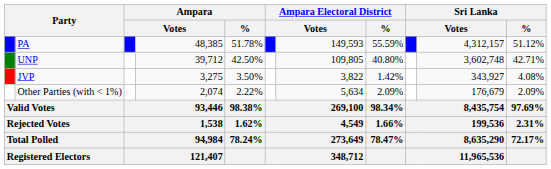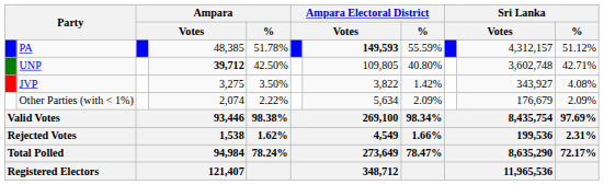 <table class="wikitable">
 <tr>
 <th colspan="2" width="144px"rowspan="2">Party</th>
 <th colspan="3" width="216px">Ampara</th>
 <th colspan="3" width="216px"><a href='#'>Ampara Electoral District</a></th>
 <th colspan="3" width="216px">Sri Lanka</th>
 </tr>
 <tr>
 <th colspan="2" width="144px">Votes</th>
 <th>%</th>
 <th colspan="2" width="144px">Votes</th>
 <th>%</th>
 <th colspan="2" width="144px">Votes</th>
 <th>%</th>
 </tr>
 <tr>
 <td style="background-color:blue;" width="10px"></td>
 <td style="text-align:left;"><a href='#'>PA</a></td>
 <td style="background-color:blue;" width="10px"></td>
 <td style="text-align:right;">48,385</td>
 <td style="text-align:right;">51.78%</td>
 <td style="background-color:blue;" width="10px"></td>
-<td style="text-align:right;">149,593</td>
+<td style="text-align:right;"><strong>149,593</strong></td>
 <td style="text-align:right;">55.59%</td>
 <td style="background-color:blue;" width="10px"></td>
 <td style="text-align:right;">4,312,157</td>
 <td style="text-align:right;">51.12%</td>
 </tr>
 <tr>
 <td style="background-color:green;" width="10px"></td>
 <td style="text-align:left;"><a href='#'>UNP</a></td>
 <td style="background-color:white;" width="10px"></td>
-<td style="text-align:right;">39,712</td>
+<td style="text-align:right;"><strong>39,712</strong></td>
 <td style="text-align:right;">42.50%</td>
 <td style="background-color:white;" width="10px"></td>
 <td style="text-align:right;">109,805</td>
 <td style="text-align:right;">40.80%</td>
 <td style="background-color:white;" width="10px"></td>
 <td style="text-align:right;">3,602,748</td>
 <td style="text-align:right;">42.71%</td>
 </tr>
 <tr>
 <td style="background-color:red;" width="10px"></td>
 <td style="text-align:left;"><a href='#'>JVP</a></td>
 <td style="background-color:white;" width="10px"></td>
 <td style="text-align:right;">3,275</td>
 <td style="text-align:right;">3.50%</td>
 <td style="background-color:white;" width="10px"></td>
 <td style="text-align:right;">3,822</td>
 <td style="text-align:right;">1.42%</td>
 <td style="background-color:white;" width="10px"></td>
 <td style="text-align:right;">343,927</td>
 <td style="text-align:right;">4.08%</td>
 </tr>
 <tr>
 <td style="background-color:white;" width="10px"></td>
 <td style="text-align:left;">Other Parties (with < 1%)</td>
 <td style="background-color:white;" width="10px"></td>
 <td style="text-align:right;">2,074</td>
 <td style="text-align:right;">2.22%</td>
 <td style="background-color:white;" width="10px"></td>
 <td style="text-align:right;">5,634</td>
 <td style="text-align:right;">2.09%</td>
 <td style="background-color:white;" width="10px"></td>
 <td style="text-align:right;">176,679</td>
 <td style="text-align:right;">2.09%</td>
 </tr>
 <tr>
 <th colspan="2" width="144px"style="text-align:left;">Valid Votes</th>
 <th style="text-align:right;"colspan="2" width="144px">93,446</th>
 <th style="text-align:right;">98.38%</th>
 <th style="text-align:right;"colspan="2" width="144px">269,100</th>
 <th style="text-align:right;">98.34%</th>
 <th style="text-align:right;"colspan="2" width="144px">8,435,754</th>
 <th style="text-align:right;">97.69%</th>
 </tr>
 <tr>
 <th colspan="2" width="144px"style="text-align:left;">Rejected Votes</th>
 <th style="text-align:right;"colspan="2" width="144px">1,538</th>
 <th style="text-align:right;">1.62%</th>
 <th style="text-align:right;"colspan="2" width="144px">4,549</th>
 <th style="text-align:right;">1.66%</th>
 <th style="text-align:right;"colspan="2" width="144px">199,536</th>
 <th style="text-align:right;">2.31%</th>
 </tr>
 <tr>
 <th colspan="2" width="144px"style="text-align:left;">Total Polled</th>
 <th style="text-align:right;"colspan="2" width="144px">94,984</th>
 <th style="text-align:right;">78.24%</th>
 <th style="text-align:right;"colspan="2" width="144px">273,649</th>
 <th style="text-align:right;">78.47%</th>
 <th style="text-align:right;"colspan="2" width="144px">8,635,290</th>
 <th style="text-align:right;">72.17%</th>
 </tr>
 <tr>
 <th colspan="2" width="144px"style="text-align:left;">Registered Electors</th>
 <th style="text-align:right;"colspan="2" width="144px">121,407</th>
 <th></th>
 <th style="text-align:right;"colspan="2" width="144px">348,712</th>
 <th></th>
 <th style="text-align:right;"colspan="2" width="144px">11,965,536</th>
 <th></th>
 </tr>
 </table>
